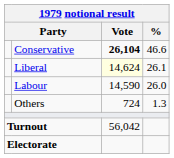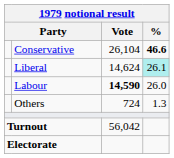 <table class="wikitable">
 <tr>
 <th colspan="4"><a href='#'>1979</a> <a href='#'>notional result</a></th>
 </tr>
 <tr>
 <th bgcolor="#DDDDFF" width="130px" colspan="2">Party</th>
 <th bgcolor="#DDDDFF" width="50px">Vote</th>
 <th bgcolor="#DDDDFF" width="30px">%</th>
 </tr>
 <tr>
 <td></td>
 <td><a href='#'>Conservative</a></td>
-<td align=right><strong>26,104</strong></td>
-<td align=right>46.6</td>
+<td align=right>26,104</td>
+<td align=right><strong>46.6</strong></td>
 </tr>
 <tr>
 <td></td>
 <td><a href='#'>Liberal</a></td>
-<td align=right style="background: lightyellow;">14,624</td>
-<td align=right>26.1</td>
+<td align=right>14,624</td>
+<td align=right style="background: paleturquoise;">26.1</td>
 </tr>
 <tr>
 <td></td>
 <td><a href='#'>Labour</a></td>
-<td align=right>14,590</td>
+<td align=right><strong>14,590</strong></td>
 <td align=right>26.0</td>
 </tr>
 <tr>
 <td></td>
 <td>Others</td>
 <td align=right>724</td>
 <td align=right>1.3</td>
 </tr>
 <tr>
 <td colspan="4" bgcolor="#EAECF0"></td>
 </tr>
 <tr>
 <td colspan="2"><strong>Turnout</strong></td>
 <td align=right>56,042</td>
 <td align=right></td>
 </tr>
 <tr>
 <td colspan="2"><strong>Electorate</strong></td>
 <td align=right></td>
 </tr>
 </table>
